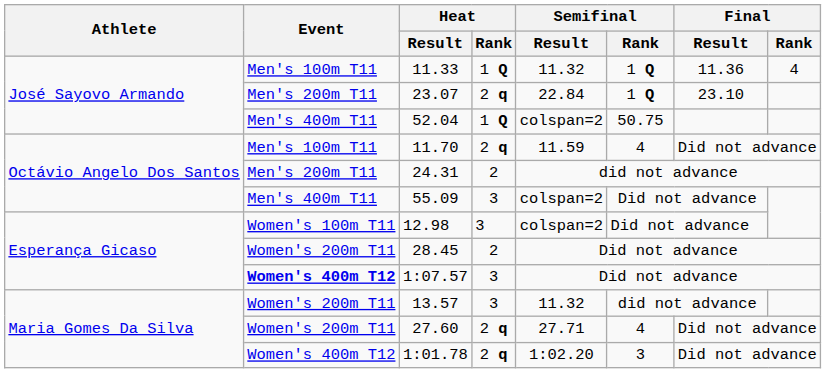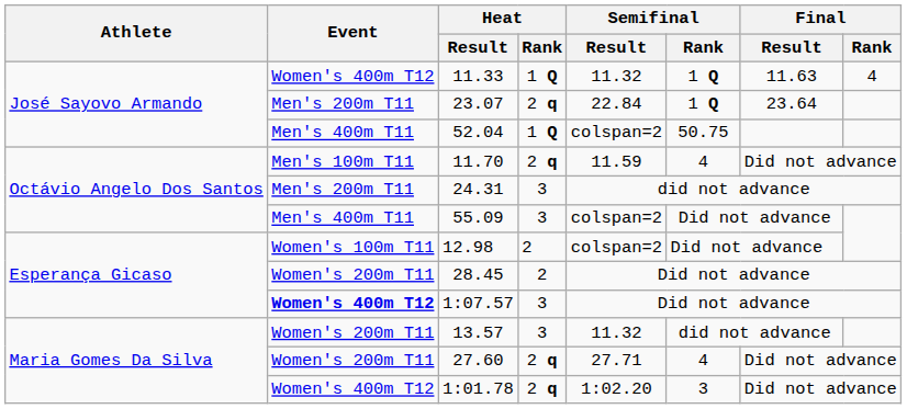 <table class="wikitable" style="font-size:90%">
 <tr>
 <th rowspan="2">Athlete</th>
 <th rowspan="2">Event</th>
 <th colspan="2">Heat</th>
 <th colspan="2">Semifinal</th>
 <th colspan="2">Final</th>
 </tr>
 <tr>
 <th>Result</th>
 <th>Rank</th>
 <th>Result</th>
 <th>Rank</th>
 <th>Result</th>
 <th>Rank</th>
 </tr>
 <tr align=center>
 <td align=left rowspan=3><a href='#'>José Sayovo Armando</a></td>
-<td align=left><a href='#'>Men's 100m T11</a></td>
+<td align=left><a href='#'>Women's 400m T12</a></td>
 <td>11.33</td>
 <td>1 <strong>Q</strong></td>
 <td>11.32</td>
 <td>1 <strong>Q</strong></td>
-<td>11.36</td>
+<td>11.63</td>
 <td>4</td>
 </tr>
 <tr align=center>
 <td align=left><a href='#'>Men's 200m T11</a></td>
 <td>23.07</td>
 <td>2 <strong>q</strong></td>
 <td>22.84</td>
 <td>1 <strong>Q</strong></td>
-<td>23.10</td>
+<td>23.64</td>
 <td></td>
 </tr>
 <tr align=center>
 <td align=left><a href='#'>Men's 400m T11</a></td>
 <td>52.04</td>
 <td>1 <strong>Q</strong></td>
 <td>colspan=2 </td>
 <td>50.75</td>
 <td></td>
 </tr>
 <tr align=center>
 <td align=left rowspan=3><a href='#'>Octávio Angelo Dos Santos</a></td>
 <td align=left><a href='#'>Men's 100m T11</a></td>
 <td>11.70</td>
 <td>2 <strong>q</strong></td>
 <td>11.59</td>
 <td>4</td>
 <td colspan=2>Did not advance</td>
 </tr>
 <tr align=center>
 <td align=left><a href='#'>Men's 200m T11</a></td>
 <td>24.31</td>
-<td>2</td>
+<td>3</td>
 <td colspan=4>did not advance</td>
 </tr>
 <tr align=center>
 <td align=left><a href='#'>Men's 400m T11</a></td>
 <td>55.09</td>
 <td>3</td>
 <td>colspan=2 </td>
 <td colspan=2>Did not advance</td>
 </tr>
 <tr>
 <td align=left rowspan=3><a href='#'>Esperança Gicaso</a></td>
 <td align=left><a href='#'>Women's 100m T11</a></td>
 <td>12.98</td>
-<td>3</td>
+<td>2</td>
 <td>colspan=2 </td>
 <td colspan=2>Did not advance</td>
 </tr>
 <tr align=center>
 <td align=left><a href='#'>Women's 200m T11</a></td>
 <td>28.45</td>
 <td>2</td>
 <td colspan=4>Did not advance</td>
 </tr>
 <tr align=center>
 <td align=left><strong><a href='#'>Women's 400m T12</a></strong></td>
 <td>1:07.57</td>
 <td>3</td>
 <td colspan=4>Did not advance</td>
 </tr>
 <tr align=center>
 <td align=left rowspan=3><a href='#'>Maria Gomes Da Silva</a></td>
 <td align=left><a href='#'>Women's 200m T11</a></td>
 <td>13.57</td>
 <td>3</td>
 <td>11.32</td>
 <td colspan=2>did not advance</td>
 </tr>
 <tr align=center>
 <td align=left><a href='#'>Women's 200m T11</a></td>
 <td>27.60</td>
 <td>2 <strong>q</strong></td>
 <td>27.71</td>
 <td>4</td>
 <td colspan="2">Did not advance</td>
 </tr>
 <tr align=center>
 <td align=left><a href='#'>Women's 400m T12</a></td>
 <td>1:01.78</td>
 <td>2 <strong>q</strong></td>
 <td>1:02.20</td>
 <td>3</td>
 <td colspan=2>Did not advance</td>
 </tr>
 </table>
